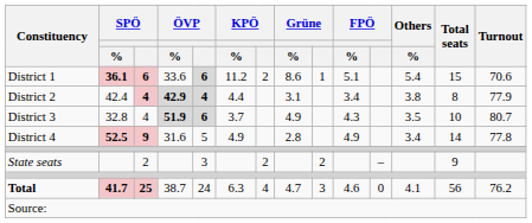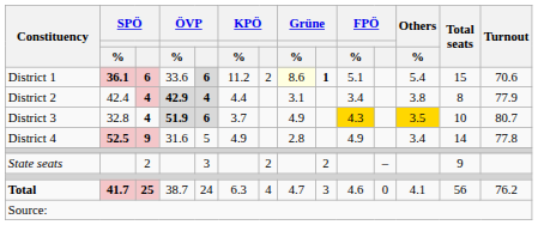 <table class="wikitable" style="text-align:center;font-size:90%;line-height:16px">
 <tr style="height:40px;">
 <th style="width:100px;" rowspan="3">Constituency</th>
 <th style="width:60px;" colspan="2"><a href='#'>SPÖ</a></th>
 <th style="width:60px;" colspan="2"><a href='#'>ÖVP</a></th>
 <th style="width:60px;" colspan="2"><a href='#'>KPÖ</a></th>
 <th style="width:60px;" colspan="2"><a href='#'>Grüne</a></th>
 <th style="width:60px;" colspan="2"><a href='#'>FPÖ</a></th>
 <th class="unsortable" style="width:40px;" rowspan="2">Others</th>
 <th class="unsortable" style="width:40px;" rowspan="3">Total<br>seats</th>
 <th class="unsortable" style="width:40px;" rowspan="3">Turnout</th>
 </tr>
 <tr>
 <th colspan="2" style="background:"></th>
 <th colspan="2" style="background:"></th>
 <th colspan="2" style="background:"></th>
 <th colspan="2" style="background:"></th>
 <th colspan="2" style="background:"></th>
 </tr>
 <tr>
 <th class=unsortable>%</th>
 <th class=unsortable></th>
 <th class=unsortable>%</th>
 <th class=unsortable></th>
 <th class=unsortable>%</th>
 <th class=unsortable></th>
 <th class=unsortable>%</th>
 <th class=unsortable></th>
 <th class=unsortable>%</th>
 <th class=unsortable></th>
 <th class=unsortable>%</th>
 </tr>
 <tr>
 <td align=left>District 1</td>
 <td bgcolor=#F4C6C9><strong>36.1</strong></td>
 <td bgcolor=#F4C6C9><strong>6</strong></td>
 <td>33.6</td>
 <td bgcolor=#D9D9D9><strong>6</strong></td>
 <td>11.2</td>
 <td>2</td>
-<td>8.6</td>
-<td>1</td>
+<td style="background: lightyellow;">8.6</td>
+<td><strong>1</strong></td>
 <td>5.1</td>
 <td></td>
 <td>5.4</td>
 <td>15</td>
 <td>70.6</td>
 </tr>
 <tr>
 <td align=left>District 2</td>
 <td>42.4</td>
 <td bgcolor=#F4C6C9><strong>4</strong></td>
 <td bgcolor=#D9D9D9><strong>42.9</strong></td>
 <td bgcolor=#D9D9D9><strong>4</strong></td>
 <td>4.4</td>
 <td></td>
 <td>3.1</td>
 <td></td>
 <td>3.4</td>
 <td></td>
 <td>3.8</td>
 <td>8</td>
 <td>77.9</td>
 </tr>
 <tr>
 <td align=left>District 3</td>
 <td>32.8</td>
-<td>4</td>
+<td><strong>4</strong></td>
 <td bgcolor=#D9D9D9><strong>51.9</strong></td>
 <td bgcolor=#D9D9D9><strong>6</strong></td>
 <td>3.7</td>
 <td></td>
 <td>4.9</td>
 <td></td>
-<td>4.3</td>
+<td style="background: gold;">4.3</td>
 <td></td>
-<td>3.5</td>
+<td style="background: gold;">3.5</td>
 <td>10</td>
 <td>80.7</td>
 </tr>
 <tr>
 <td align=left>District 4</td>
 <td bgcolor=#F4C6C9><strong>52.5</strong></td>
 <td bgcolor=#F4C6C9><strong>9</strong></td>
 <td>31.6</td>
 <td>5</td>
 <td>4.9</td>
 <td></td>
 <td>2.8</td>
 <td></td>
 <td>4.9</td>
 <td></td>
 <td>3.4</td>
 <td>14</td>
 <td>77.8</td>
 </tr>
 <tr>
 <td colspan=15 bgcolor=lightgrey></td>
 </tr>
 <tr>
 <td align=left><em>State seats</em></td>
 <td></td>
 <td>2</td>
 <td></td>
 <td>3</td>
 <td></td>
 <td>2</td>
 <td></td>
 <td>2</td>
 <td></td>
 <td>–</td>
 <td></td>
 <td>9</td>
 <td></td>
 </tr>
 <tr>
 <td colspan=15 bgcolor=lightgrey></td>
 </tr>
 <tr>
 <td align=left><strong>Total</strong></td>
 <td bgcolor=#F4C6C9><strong>41.7</strong></td>
 <td bgcolor=#F4C6C9><strong>25</strong></td>
 <td>38.7</td>
 <td>24</td>
 <td>6.3</td>
 <td>4</td>
 <td>4.7</td>
 <td>3</td>
 <td>4.6</td>
 <td>0</td>
 <td>4.1</td>
 <td>56</td>
 <td>76.2</td>
 </tr>
 <tr class=sortbottom>
 <td colspan=15 align=left>Source: </td>
 </tr>
 </table>
